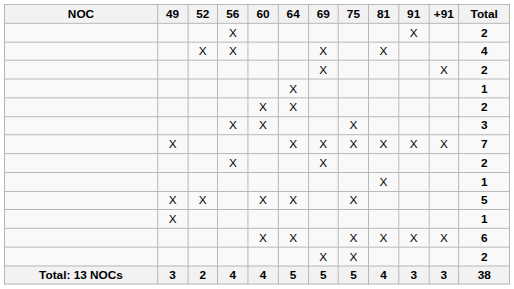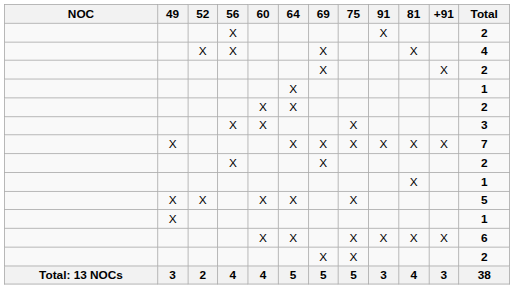 <table class="wikitable" style="text-align:center; font-size:90%">
 <tr>
 <th width=180 align="left">NOC</th>
 <th width=30>49</th>
 <th width=30>52</th>
 <th width=30>56</th>
 <th width=30>60</th>
 <th width=30>64</th>
 <th width=30>69</th>
 <th width=30>75</th>
+<th width=30>91</th>
 <th width=30>81</th>
-<th width=30>91</th>
 <th width=30>+91</th>
 <th width=55>Total</th>
 </tr>
 <tr>
 <td align=left></td>
 <td></td>
 <td></td>
 <td>X</td>
 <td></td>
 <td></td>
 <td></td>
 <td></td>
+<td>X</td>
 <td></td>
-<td>X</td>
 <td></td>
 <td><strong>2</strong></td>
 </tr>
 <tr>
 <td align=left></td>
 <td></td>
 <td>X</td>
 <td>X</td>
 <td></td>
 <td></td>
 <td>X</td>
 <td></td>
+<td></td>
 <td>X</td>
-<td></td>
 <td></td>
 <td><strong>4</strong></td>
 </tr>
 <tr>
 <td align=left></td>
 <td></td>
 <td></td>
 <td></td>
 <td></td>
 <td></td>
 <td>X</td>
 <td></td>
 <td></td>
 <td></td>
 <td>X</td>
 <td><strong>2</strong></td>
 </tr>
 <tr>
 <td align=left></td>
 <td></td>
 <td></td>
 <td></td>
 <td></td>
 <td>X</td>
 <td></td>
 <td></td>
 <td></td>
 <td></td>
 <td></td>
 <td><strong>1</strong></td>
 </tr>
 <tr>
 <td align=left></td>
 <td></td>
 <td></td>
 <td></td>
 <td>X</td>
 <td>X</td>
 <td></td>
 <td></td>
 <td></td>
 <td></td>
 <td></td>
 <td><strong>2</strong></td>
 </tr>
 <tr>
 <td align=left></td>
 <td></td>
 <td></td>
 <td>X</td>
 <td>X</td>
 <td></td>
 <td></td>
 <td>X</td>
 <td></td>
 <td></td>
 <td></td>
 <td><strong>3</strong></td>
 </tr>
 <tr>
 <td align=left></td>
 <td>X</td>
 <td></td>
 <td></td>
 <td></td>
 <td>X</td>
 <td>X</td>
 <td>X</td>
 <td>X</td>
 <td>X</td>
 <td>X</td>
 <td><strong>7</strong></td>
 </tr>
 <tr>
 <td align=left></td>
 <td></td>
 <td></td>
 <td>X</td>
 <td></td>
 <td></td>
 <td>X</td>
 <td></td>
 <td></td>
 <td></td>
 <td></td>
 <td><strong>2</strong></td>
 </tr>
 <tr>
 <td align=left></td>
 <td></td>
 <td></td>
 <td></td>
 <td></td>
 <td></td>
 <td></td>
 <td></td>
+<td></td>
 <td>X</td>
-<td></td>
 <td></td>
 <td><strong>1</strong></td>
 </tr>
 <tr>
 <td align=left></td>
 <td>X</td>
 <td>X</td>
 <td></td>
 <td>X</td>
 <td>X</td>
 <td></td>
 <td>X</td>
 <td></td>
 <td></td>
 <td></td>
 <td><strong>5</strong></td>
 </tr>
 <tr>
 <td align=left></td>
 <td>X</td>
 <td></td>
 <td></td>
 <td></td>
 <td></td>
 <td></td>
 <td></td>
 <td></td>
 <td></td>
 <td></td>
 <td><strong>1</strong></td>
 </tr>
 <tr>
 <td align=left></td>
 <td></td>
 <td></td>
 <td></td>
 <td>X</td>
 <td>X</td>
 <td></td>
 <td>X</td>
 <td>X</td>
 <td>X</td>
 <td>X</td>
 <td><strong>6</strong></td>
 </tr>
 <tr>
 <td align=left></td>
 <td></td>
 <td></td>
 <td></td>
 <td></td>
 <td></td>
 <td>X</td>
 <td>X</td>
 <td></td>
 <td></td>
 <td></td>
 <td><strong>2</strong></td>
 </tr>
 <tr>
 <th>Total: 13 NOCs</th>
 <th>3</th>
 <th>2</th>
 <th>4</th>
 <th>4</th>
 <th>5</th>
 <th>5</th>
 <th>5</th>
+<th>3</th>
 <th>4</th>
-<th>3</th>
 <th>3</th>
 <th>38</th>
 </tr>
 </table>
